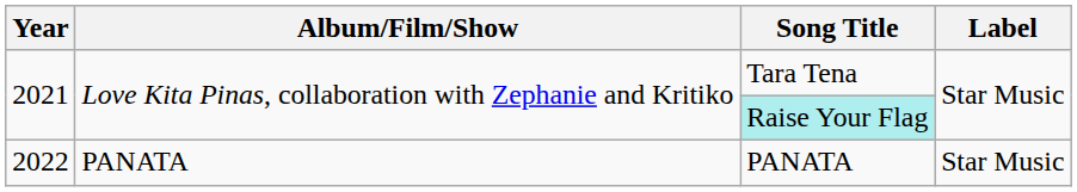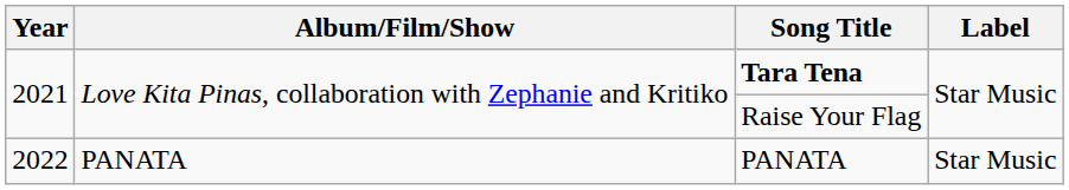 <table class="wikitable sortable mw-collapsible">
 <tr>
 <th>Year</th>
 <th>Album/Film/Show</th>
 <th>Song Title</th>
 <th>Label</th>
 </tr>
 <tr>
 <td rowspan="2">2021</td>
 <td rowspan="2"><em>Love Kita Pinas</em>, collaboration with <a href='#'>Zephanie</a> and Kritiko</td>
-<td>Tara Tena</td>
+<td><strong>Tara Tena</strong></td>
 <td rowspan="2">Star Music</td>
 </tr>
 <tr>
-<td style="background: paleturquoise;">Raise Your Flag</td>
+<td>Raise Your Flag</td>
 </tr>
 <tr>
 <td>2022</td>
 <td>PANATA</td>
 <td>PANATA</td>
 <td>Star Music</td>
 </tr>
 </table>
